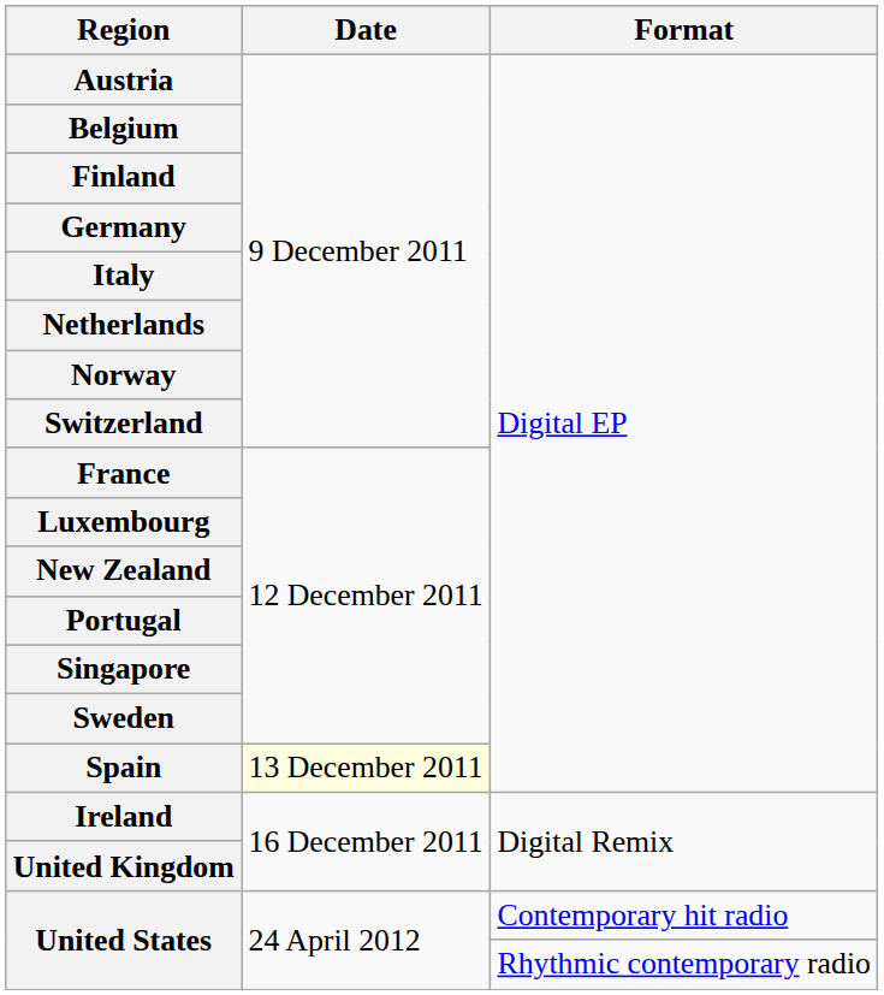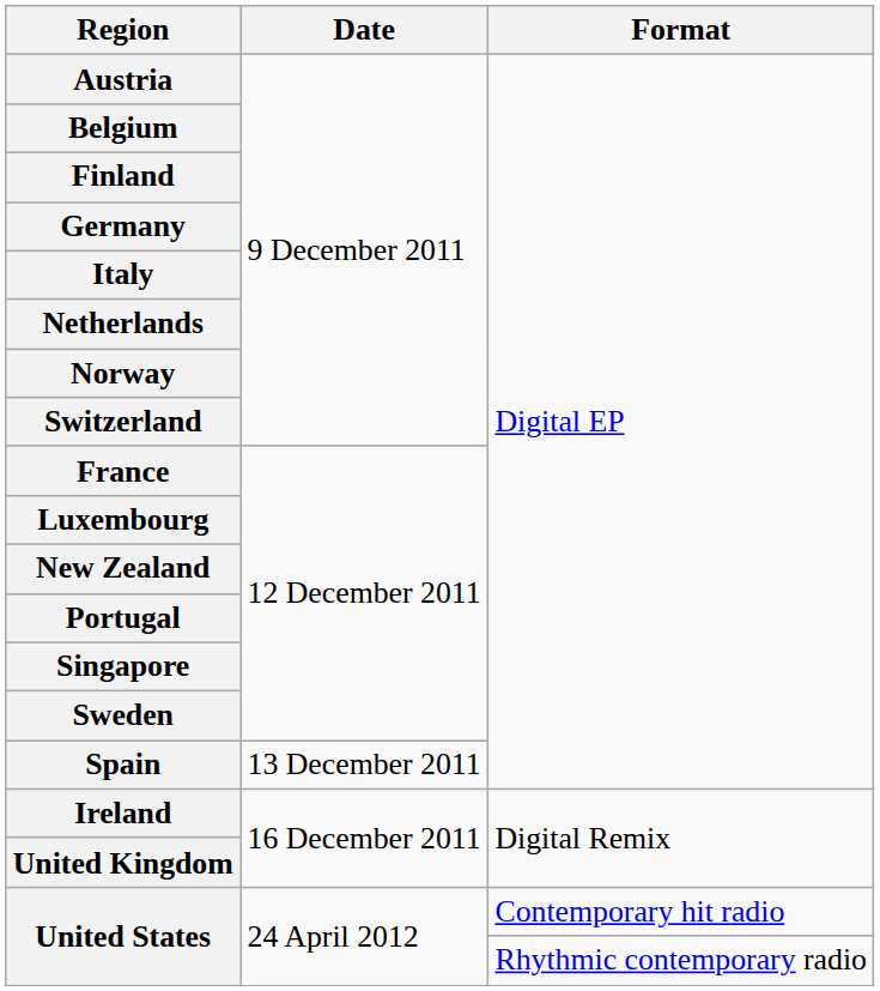 <table class="wikitable plainrowheaders">
 <tr>
 <th scope="col">Region</th>
 <th scope="col">Date</th>
 <th scope="col">Format</th>
 </tr>
 <tr>
 <th scope="row">Austria</th>
 <td rowspan="8">9 December 2011</td>
 <td rowspan="15"><a href='#'>Digital EP</a></td>
 </tr>
 <tr>
 <th scope="row">Belgium</th>
 </tr>
 <tr>
 <th scope="row">Finland</th>
 </tr>
 <tr>
 <th scope="row">Germany</th>
 </tr>
 <tr>
 <th scope="row">Italy</th>
 </tr>
 <tr>
 <th scope="row">Netherlands</th>
 </tr>
 <tr>
 <th scope="row">Norway</th>
 </tr>
 <tr>
 <th scope="row">Switzerland</th>
 </tr>
 <tr>
 <th scope="row">France</th>
 <td rowspan="6">12 December 2011</td>
 </tr>
 <tr>
 <th scope="row">Luxembourg</th>
 </tr>
 <tr>
 <th scope="row">New Zealand</th>
 </tr>
 <tr>
 <th scope="row">Portugal</th>
 </tr>
 <tr>
 <th scope="row">Singapore</th>
 </tr>
 <tr>
 <th scope="row">Sweden</th>
 </tr>
 <tr>
 <th scope="row">Spain</th>
-<td style="background: lightyellow;">13 December 2011</td>
+<td>13 December 2011</td>
 </tr>
 <tr>
 <th scope="row">Ireland</th>
 <td rowspan="2">16 December 2011</td>
 <td rowspan="2">Digital Remix</td>
 </tr>
 <tr>
 <th scope="row">United Kingdom</th>
 </tr>
 <tr>
 <th scope="row" rowspan="2">United States</th>
 <td rowspan="2">24 April 2012</td>
 <td><a href='#'>Contemporary hit radio</a></td>
 </tr>
 <tr>
 <td><a href='#'>Rhythmic contemporary</a> radio</td>
 </tr>
 </table>
